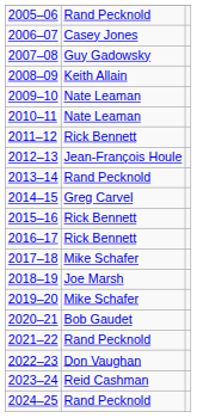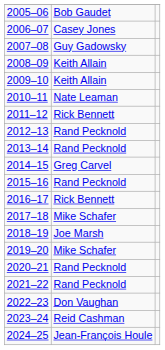 <table class="wikitable sortable">
 <tr>
 </tr>
 <tr>
 <td><a href='#'>2005–06</a></td>
-<td><a href='#'>Rand Pecknold</a></td>
+<td><a href='#'>Bob Gaudet</a></td>
 <td><strong><a href='#'></a></strong></td>
 </tr>
 <tr>
 <td><a href='#'>2006–07</a></td>
 <td><a href='#'>Casey Jones</a></td>
 <td><strong><a href='#'></a></strong></td>
 </tr>
 <tr>
 <td><a href='#'>2007–08</a></td>
 <td><a href='#'>Guy Gadowsky</a></td>
 <td><strong><a href='#'></a></strong></td>
 </tr>
 <tr>
 <td><a href='#'>2008–09</a></td>
 <td><a href='#'>Keith Allain</a></td>
 <td><strong><a href='#'></a></strong></td>
 </tr>
 <tr>
 <td><a href='#'>2009–10</a></td>
-<td><a href='#'>Nate Leaman</a></td>
+<td><a href='#'>Keith Allain</a></td>
 <td><strong><a href='#'></a></strong></td>
 </tr>
 <tr>
 <td><a href='#'>2010–11</a></td>
 <td><a href='#'>Nate Leaman</a></td>
 <td><strong><a href='#'></a></strong></td>
 </tr>
 <tr>
 <td><a href='#'>2011–12</a></td>
 <td><a href='#'>Rick Bennett</a></td>
 <td><strong><a href='#'></a></strong></td>
 </tr>
 <tr>
 <td><a href='#'>2012–13</a></td>
-<td><a href='#'>Jean-François Houle</a></td>
+<td><a href='#'>Rand Pecknold</a></td>
 <td><strong><a href='#'></a></strong></td>
 </tr>
 <tr>
 <td><a href='#'>2013–14</a></td>
 <td><a href='#'>Rand Pecknold</a></td>
 <td><strong><a href='#'></a></strong></td>
 </tr>
 <tr>
 <td><a href='#'>2014–15</a></td>
 <td><a href='#'>Greg Carvel</a></td>
 <td><strong><a href='#'></a></strong></td>
 </tr>
 <tr>
 <td><a href='#'>2015–16</a></td>
-<td><a href='#'>Rick Bennett</a></td>
+<td><a href='#'>Rand Pecknold</a></td>
 <td><strong><a href='#'></a></strong></td>
 </tr>
 <tr>
 <td><a href='#'>2016–17</a></td>
 <td><a href='#'>Rick Bennett</a></td>
 <td><strong><a href='#'></a></strong></td>
 </tr>
 <tr>
 <td><a href='#'>2017–18</a></td>
 <td><a href='#'>Mike Schafer</a></td>
 <td><strong><a href='#'></a></strong></td>
 </tr>
 <tr>
 <td><a href='#'>2018–19</a></td>
 <td><a href='#'>Joe Marsh</a></td>
 <td><strong><a href='#'></a></strong></td>
 </tr>
 <tr>
 <td><a href='#'>2019–20</a></td>
 <td><a href='#'>Mike Schafer</a></td>
 <td><strong><a href='#'></a></strong></td>
 </tr>
 <tr>
 <td><a href='#'>2020–21</a></td>
-<td><a href='#'>Bob Gaudet</a></td>
+<td><a href='#'>Rand Pecknold</a></td>
 <td><strong><a href='#'></a></strong></td>
 </tr>
 <tr>
 <td><a href='#'>2021–22</a></td>
 <td><a href='#'>Rand Pecknold</a></td>
 <td><strong><a href='#'></a></strong></td>
 </tr>
 <tr>
 <td><a href='#'>2022–23</a></td>
 <td><a href='#'>Don Vaughan</a></td>
 <td><strong><a href='#'></a></strong></td>
 </tr>
 <tr>
 <td><a href='#'>2023–24</a></td>
 <td><a href='#'>Reid Cashman</a></td>
 <td><strong><a href='#'></a></strong></td>
 </tr>
 <tr>
 <td><a href='#'>2024–25</a></td>
-<td><a href='#'>Rand Pecknold</a></td>
+<td><a href='#'>Jean-François Houle</a></td>
 <td><strong><a href='#'></a></strong></td>
 </tr>
 </table>
